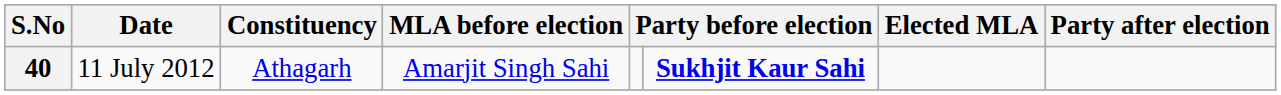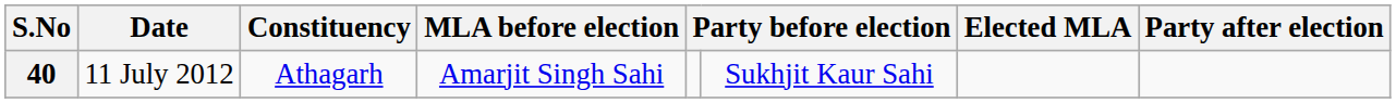 <table class="wikitable sortable" style="text-align:center;">
 <tr>
 <th>S.No</th>
 <th>Date</th>
 <th>Constituency</th>
 <th>MLA before election</th>
 <th colspan="2">Party before election</th>
 <th>Elected MLA</th>
 <th colspan="2">Party after election</th>
 </tr>
 <tr>
 <th>40</th>
 <td>11 July 2012</td>
 <td><a href='#'>Athagarh</a></td>
 <td><a href='#'>Amarjit Singh Sahi</a></td>
 <td></td>
-<td><strong><a href='#'>Sukhjit Kaur Sahi</a></strong></td>
+<td><a href='#'>Sukhjit Kaur Sahi</a></td>
 <td></td>
 </tr>
 </table>
